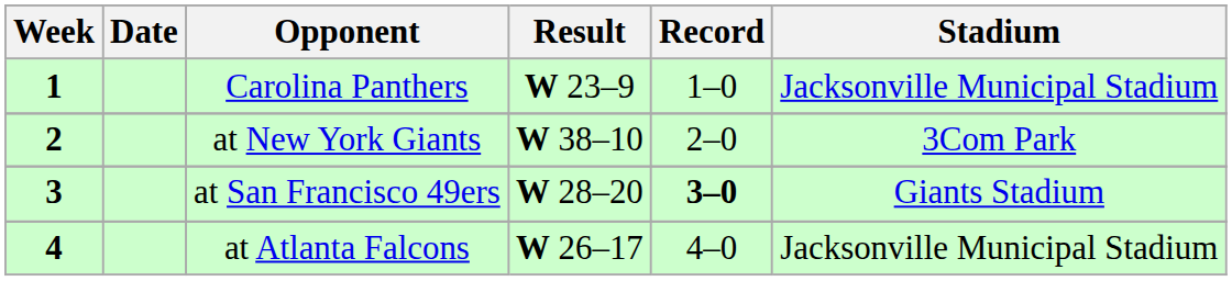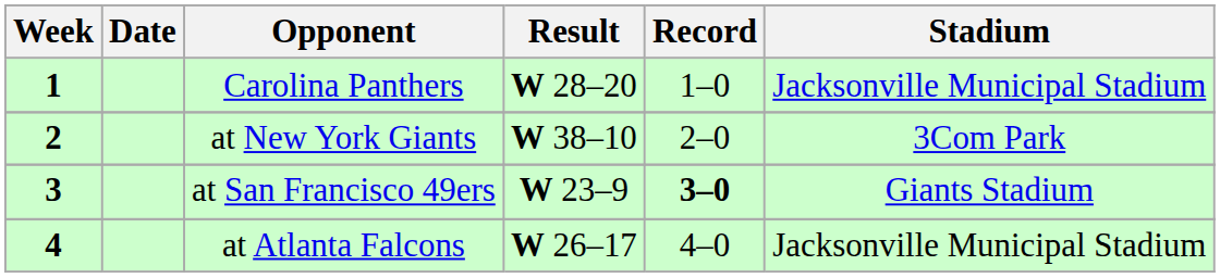 <table class="wikitable" style="text-align:center">
 <tr>
 <th>Week</th>
 <th>Date</th>
 <th>Opponent</th>
 <th>Result</th>
 <th>Record</th>
 <th>Stadium</th>
 </tr>
 <tr style="background: #cfc;">
 <td align="center"><strong>1</strong></td>
 <td></td>
 <td><a href='#'>Carolina Panthers</a></td>
-<td><strong>W</strong> 23–9</td>
+<td><strong>W</strong> 28–20</td>
 <td>1–0</td>
 <td><a href='#'>Jacksonville Municipal Stadium</a></td>
 </tr>
 <tr>
 </tr>
 <tr style="background: #cfc;">
 <td align="center"><strong>2</strong></td>
 <td></td>
 <td>at <a href='#'>New York Giants</a></td>
 <td><strong>W</strong> 38–10</td>
 <td>2–0</td>
 <td><a href='#'>3Com Park</a></td>
 </tr>
 <tr>
 </tr>
 <tr style="background: #cfc;">
 <td align="center"><strong>3</strong></td>
 <td></td>
 <td>at <a href='#'>San Francisco 49ers</a></td>
-<td><strong>W</strong> 28–20</td>
+<td><strong>W</strong> 23–9</td>
 <td><strong>3–0</strong></td>
 <td><a href='#'>Giants Stadium</a></td>
 </tr>
 <tr>
 </tr>
 <tr style="background: #cfc;">
 <td align="center"><strong>4</strong></td>
 <td></td>
 <td>at <a href='#'>Atlanta Falcons</a></td>
 <td><strong>W</strong> 26–17</td>
 <td>4–0</td>
 <td>Jacksonville Municipal Stadium</td>
 </tr>
 </table>
